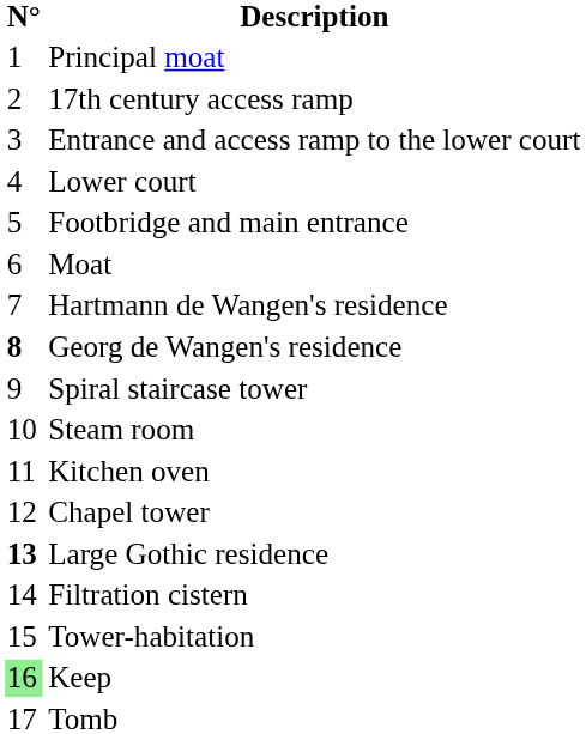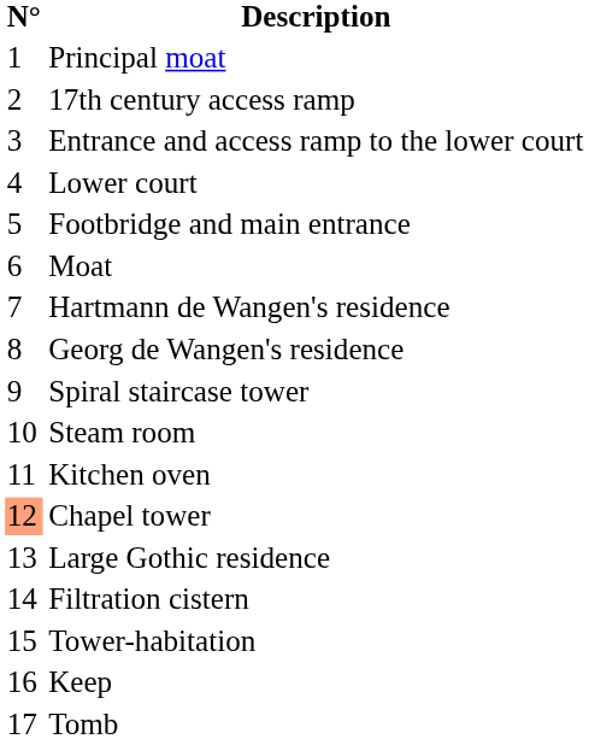 <table>
 <tr>
 <th>N°</th>
 <th>Description</th>
 <th rowspan=18></th>
 </tr>
 <tr>
 <td>1</td>
 <td>Principal <a href='#'>moat</a></td>
 </tr>
 <tr>
 <td>2</td>
 <td>17th century access ramp</td>
 </tr>
 <tr>
 <td>3</td>
 <td>Entrance and access ramp to the lower court</td>
 </tr>
 <tr>
 <td>4</td>
 <td>Lower court</td>
 </tr>
 <tr>
 <td>5</td>
 <td>Footbridge and main entrance</td>
 </tr>
 <tr>
 <td>6</td>
 <td>Moat</td>
 </tr>
 <tr>
 <td>7</td>
 <td>Hartmann de Wangen's residence</td>
 </tr>
 <tr>
-<td><strong>8</strong></td>
+<td>8</td>
 <td>Georg de Wangen's residence</td>
 </tr>
 <tr>
 <td>9</td>
 <td>Spiral staircase tower</td>
 </tr>
 <tr>
 <td>10</td>
 <td>Steam room</td>
 </tr>
 <tr>
 <td>11</td>
 <td>Kitchen oven</td>
 </tr>
 <tr>
-<td>12</td>
+<td style="background: lightsalmon;">12</td>
 <td>Chapel tower</td>
 </tr>
 <tr>
-<td><strong>13</strong></td>
+<td>13</td>
 <td>Large Gothic residence</td>
 </tr>
 <tr>
 <td>14</td>
 <td>Filtration cistern</td>
 </tr>
 <tr>
 <td>15</td>
 <td>Tower-habitation</td>
 </tr>
 <tr>
-<td style="background: lightgreen;">16</td>
+<td>16</td>
 <td>Keep</td>
 </tr>
 <tr>
 <td>17</td>
 <td>Tomb</td>
 </tr>
 <tr>
 </tr>
 </table>
